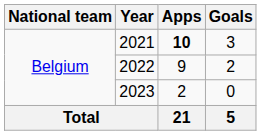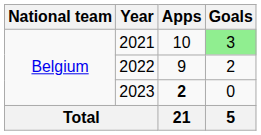 <table class="wikitable" style="text-align:center">
 <tr>
 <th>National team</th>
 <th>Year</th>
 <th>Apps</th>
 <th>Goals</th>
 </tr>
 <tr>
 <td rowspan="3"><a href='#'>Belgium</a></td>
 <td>2021</td>
-<td><strong>10</strong></td>
-<td>3</td>
+<td>10</td>
+<td style="background: lightgreen;">3</td>
 </tr>
 <tr>
 <td>2022</td>
 <td>9</td>
 <td>2</td>
 </tr>
 <tr>
 <td>2023</td>
-<td>2</td>
+<td><strong>2</strong></td>
 <td>0</td>
 </tr>
 <tr>
 <th colspan="2">Total</th>
 <th>21</th>
 <th>5</th>
 </tr>
 </table>
